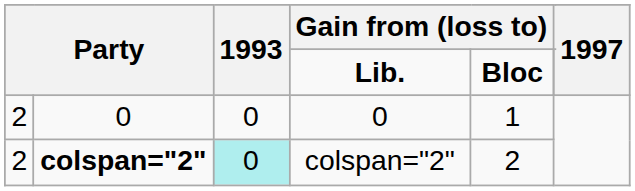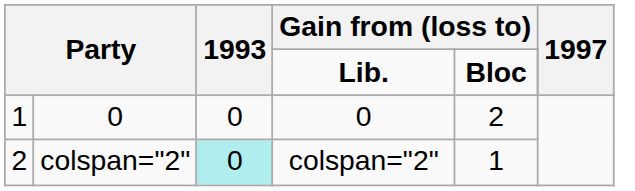 <table class="wikitable" style="text-align:center" align="center">
 <tr>
 <th rowspan="2" colspan="2">Party</th>
 <th rowspan="2">1993</th>
 <th colspan="4">Gain from (loss to)</th>
 <th rowspan="2">1997</th>
 </tr>
 <tr>
 <td><strong>Lib.</strong></td>
 <td><strong>Bloc</strong></td>
 </tr>
 <tr>
-<td>2</td>
+<td>1</td>
 <td>0</td>
 <td>0</td>
 <td>0</td>
-<td>1</td>
+<td>2</td>
 </tr>
 <tr>
 <td>2</td>
-<td><strong>colspan="2" </strong></td>
+<td>colspan="2" </td>
 <td style="background: paleturquoise;">0</td>
 <td>colspan="2" </td>
-<td>2</td>
+<td>1</td>
 </tr>
 </table>
